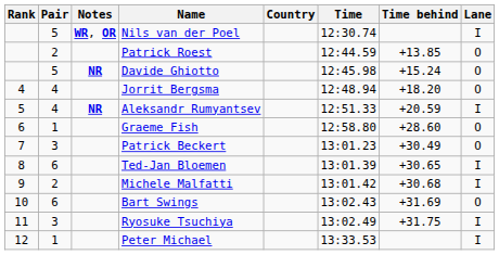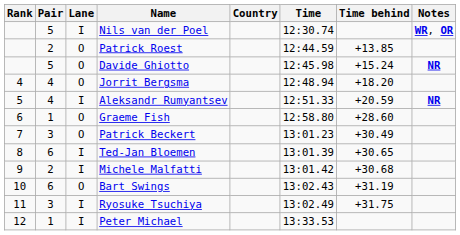 <table class="wikitable sortable" style="text-align:center">
 <tr>
 <th>Rank</th>
 <th>Pair</th>
-<th>Notes</th>
+<th>Lane</th>
 <th>Name</th>
 <th>Country</th>
 <th>Time</th>
 <th>Time behind</th>
-<th>Lane</th>
+<th>Notes</th>
 </tr>
 <tr>
 <td></td>
 <td>5</td>
-<td><strong><a href='#'>WR</a></strong>, <strong><a href='#'>OR</a></strong></td>
+<td>I</td>
 <td align=left><a href='#'>Nils van der Poel</a></td>
 <td align=left></td>
 <td>12:30.74</td>
 <td></td>
-<td>I</td>
+<td><strong><a href='#'>WR</a></strong>, <strong><a href='#'>OR</a></strong></td>
 </tr>
 <tr>
 <td></td>
 <td>2</td>
-<td></td>
+<td>O</td>
 <td align="left"><a href='#'>Patrick Roest</a></td>
 <td align=left></td>
 <td>12:44.59</td>
 <td>+13.85</td>
-<td>O</td>
+<td></td>
 </tr>
 <tr>
 <td></td>
 <td>5</td>
-<td><strong><a href='#'>NR</a></strong></td>
+<td>O</td>
 <td align=left><a href='#'>Davide Ghiotto</a></td>
 <td align=left></td>
 <td>12:45.98</td>
 <td>+15.24</td>
-<td>O</td>
+<td><strong><a href='#'>NR</a></strong></td>
 </tr>
 <tr>
 <td>4</td>
 <td>4</td>
-<td></td>
+<td>O</td>
 <td align=left><a href='#'>Jorrit Bergsma</a></td>
 <td align=left></td>
 <td>12:48.94</td>
 <td>+18.20</td>
-<td>O</td>
+<td></td>
 </tr>
 <tr>
 <td>5</td>
 <td>4</td>
-<td><strong><a href='#'>NR</a></strong></td>
+<td>I</td>
 <td align=left><a href='#'>Aleksandr Rumyantsev</a></td>
 <td align=left></td>
 <td>12:51.33</td>
 <td>+20.59</td>
-<td>I</td>
+<td><strong><a href='#'>NR</a></strong></td>
 </tr>
 <tr>
 <td>6</td>
 <td>1</td>
-<td></td>
+<td>O</td>
 <td align=left><a href='#'>Graeme Fish</a></td>
 <td align=left></td>
 <td>12:58.80</td>
 <td>+28.60</td>
-<td>O</td>
+<td></td>
 </tr>
 <tr>
 <td>7</td>
 <td>3</td>
-<td></td>
+<td>O</td>
 <td align=left><a href='#'>Patrick Beckert</a></td>
 <td align=left></td>
 <td>13:01.23</td>
 <td>+30.49</td>
-<td>O</td>
+<td></td>
 </tr>
 <tr>
 <td>8</td>
 <td>6</td>
-<td></td>
+<td>I</td>
 <td align=left><a href='#'>Ted-Jan Bloemen</a></td>
 <td align=left></td>
 <td>13:01.39</td>
 <td>+30.65</td>
-<td>I</td>
+<td></td>
 </tr>
 <tr>
 <td>9</td>
 <td>2</td>
-<td></td>
+<td>I</td>
 <td align=left><a href='#'>Michele Malfatti</a></td>
 <td align=left></td>
 <td>13:01.42</td>
 <td>+30.68</td>
-<td>I</td>
+<td></td>
 </tr>
 <tr>
 <td>10</td>
 <td>6</td>
-<td></td>
+<td>O</td>
 <td align=left><a href='#'>Bart Swings</a></td>
 <td align=left></td>
 <td>13:02.43</td>
-<td>+31.69</td>
-<td>O</td>
+<td>+31.19</td>
+<td></td>
 </tr>
 <tr>
 <td>11</td>
 <td>3</td>
-<td></td>
+<td>I</td>
 <td align=left><a href='#'>Ryosuke Tsuchiya</a></td>
 <td align=left></td>
 <td>13:02.49</td>
 <td>+31.75</td>
-<td>I</td>
+<td></td>
 </tr>
 <tr>
 <td>12</td>
 <td>1</td>
-<td></td>
+<td>I</td>
 <td align=left><a href='#'>Peter Michael</a></td>
 <td align=left></td>
 <td>13:33.53</td>
 <td></td>
-<td>I</td>
+<td></td>
 </tr>
 </table>
